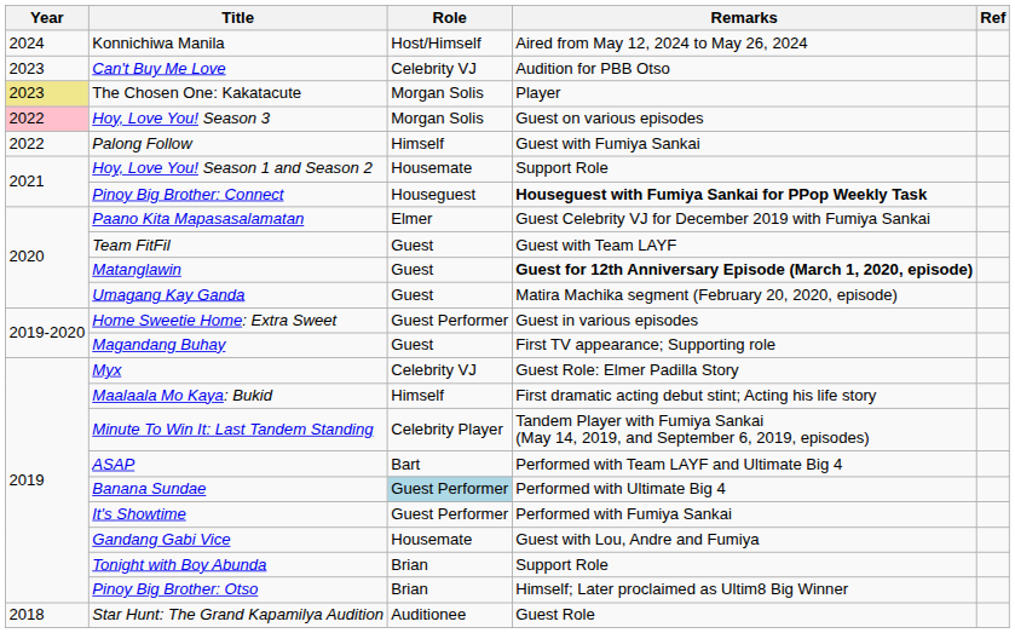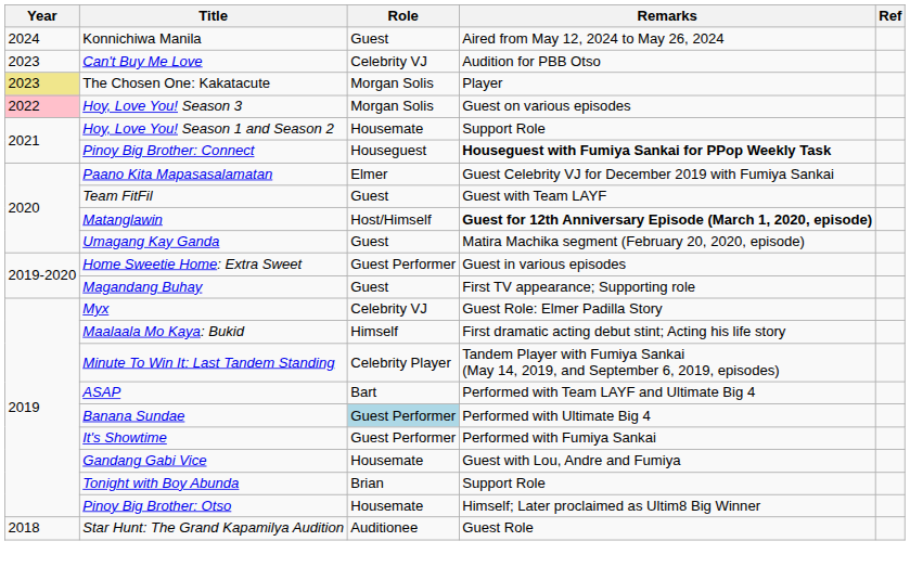 <table class="wikitable">
 <tr>
 <th>Year</th>
 <th>Title</th>
 <th>Role</th>
 <th>Remarks</th>
 <th>Ref</th>
 </tr>
 <tr>
 <td>2024</td>
 <td>Konnichiwa Manila</td>
-<td>Host/Himself</td>
+<td>Guest</td>
 <td>Aired from May 12, 2024 to May 26, 2024</td>
 <td></td>
 </tr>
 <tr>
 <td>2023</td>
 <td><em><a href='#'>Can't Buy Me Love</a></em></td>
 <td>Celebrity VJ</td>
 <td>Audition for PBB Otso</td>
 <td></td>
 </tr>
 <tr>
 <td style="background: khaki;">2023</td>
 <td>The Chosen One: Kakatacute</td>
 <td>Morgan Solis</td>
 <td>Player</td>
 <td></td>
 </tr>
 <tr>
 <td style="background: pink;">2022</td>
 <td><em><a href='#'>Hoy, Love You!</a> Season 3</em></td>
 <td>Morgan Solis</td>
 <td>Guest on various episodes</td>
-<td></td>
-</tr>
-<tr>
-<td>2022</td>
-<td><em>Palong Follow</em></td>
-<td>Himself</td>
-<td>Guest with Fumiya Sankai</td>
 <td></td>
 </tr>
 <tr>
 <td rowspan="2">2021</td>
 <td><em><a href='#'>Hoy, Love You!</a> Season 1 and Season 2</em></td>
 <td>Housemate</td>
 <td>Support Role</td>
 <td></td>
 </tr>
 <tr>
 <td><em><a href='#'>Pinoy Big Brother: Connect</a></em></td>
 <td>Houseguest</td>
 <td><strong>Houseguest with Fumiya Sankai for PPop Weekly Task</strong></td>
 <td></td>
 </tr>
 <tr>
 <td rowspan="4">2020</td>
 <td><a href='#'><em>Paano Kita Mapasasalamatan</em></a></td>
 <td>Elmer</td>
 <td>Guest Celebrity VJ for December 2019 with Fumiya Sankai</td>
 <td></td>
 </tr>
 <tr>
 <td><em>Team FitFil</em></td>
 <td>Guest</td>
 <td>Guest with Team LAYF</td>
 <td><br></td>
 </tr>
 <tr>
 <td><a href='#'><em>Matanglawin</em></a></td>
-<td>Guest</td>
+<td>Host/Himself</td>
 <td><strong>Guest for 12th Anniversary Episode (March 1, 2020, episode)</strong></td>
 <td></td>
 </tr>
 <tr>
 <td><em><a href='#'>Umagang Kay Ganda</a></em></td>
 <td>Guest</td>
 <td>Matira Machika segment (February 20, 2020, episode)</td>
 <td></td>
 </tr>
 <tr>
 <td rowspan="2">2019-2020</td>
 <td><em><a href='#'>Home Sweetie Home</a>: Extra Sweet</em></td>
 <td>Guest Performer</td>
 <td>Guest in various episodes</td>
 <td></td>
 </tr>
 <tr>
 <td><em><a href='#'>Magandang Buhay</a></em></td>
 <td>Guest</td>
 <td>First TV appearance; Supporting role</td>
 <td></td>
 </tr>
 <tr>
 <td rowspan="9">2019</td>
 <td><em><a href='#'>Myx</a></em></td>
 <td>Celebrity VJ</td>
 <td>Guest Role: Elmer Padilla Story</td>
 <td><br>   </td>
 </tr>
 <tr>
 <td><em><a href='#'>Maalaala Mo Kaya</a>: Bukid</em></td>
 <td>Himself</td>
 <td>First dramatic acting debut stint; Acting his life story</td>
 <td></td>
 </tr>
 <tr>
 <td><a href='#'><em>Minute To Win It: Last Tandem Standing</em></a></td>
 <td>Celebrity Player</td>
 <td>Tandem Player with Fumiya Sankai<br>(May 14, 2019, and September 6, 2019, episodes)</td>
 <td></td>
 </tr>
 <tr>
 <td><a href='#'><em>ASAP</em></a></td>
 <td>Bart</td>
 <td>Performed with Team LAYF and Ultimate Big 4</td>
 <td></td>
 </tr>
 <tr>
 <td><em><a href='#'>Banana Sundae</a></em></td>
 <td style="background: lightblue;">Guest Performer</td>
 <td>Performed with Ultimate Big 4</td>
 <td></td>
 </tr>
 <tr>
 <td><a href='#'><em>It's Showtime</em></a></td>
 <td>Guest Performer</td>
 <td>Performed with Fumiya Sankai</td>
 <td><br></td>
 </tr>
 <tr>
 <td><em><a href='#'>Gandang Gabi Vice</a></em></td>
 <td>Housemate</td>
 <td>Guest with Lou, Andre and Fumiya</td>
 <td></td>
 </tr>
 <tr>
 <td><em><a href='#'>Tonight with Boy Abunda</a></em></td>
 <td>Brian</td>
 <td>Support Role</td>
 <td></td>
 </tr>
 <tr>
 <td><em><a href='#'>Pinoy Big Brother: Otso</a></em></td>
-<td>Brian</td>
+<td>Housemate</td>
 <td>Himself; Later proclaimed as Ultim8 Big Winner</td>
 <td></td>
 </tr>
 <tr>
 <td>2018</td>
 <td><em>Star Hunt: The Grand Kapamilya Audition</em></td>
 <td>Auditionee</td>
 <td>Guest Role</td>
 <td></td>
 </tr>
 </table>
